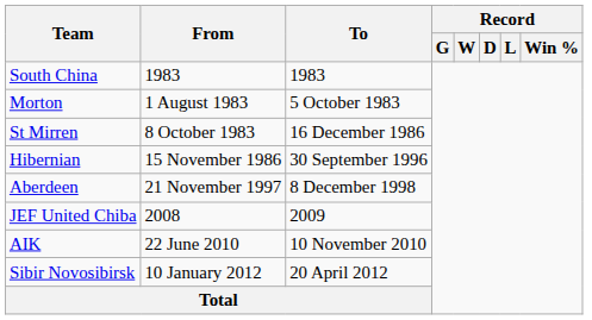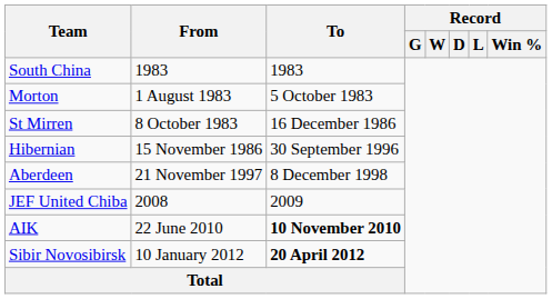 <table class="wikitable" style="text-align: center">
 <tr>
 <th rowspan="2">Team</th>
 <th rowspan="2">From</th>
 <th rowspan="2">To</th>
 <th colspan="5">Record</th>
 </tr>
 <tr>
 <th>G</th>
 <th>W</th>
 <th>D</th>
 <th>L</th>
 <th>Win %</th>
 </tr>
 <tr>
 <td align="left"><a href='#'>South China</a></td>
 <td align="left">1983</td>
 <td align="left">1983<br></td>
 </tr>
 <tr>
 <td align="left"><a href='#'>Morton</a></td>
 <td align="left">1 August 1983</td>
 <td align="left">5 October 1983<br></td>
 </tr>
 <tr>
 <td align="left"><a href='#'>St Mirren</a></td>
 <td align="left">8 October 1983</td>
 <td align="left">16 December 1986<br></td>
 </tr>
 <tr>
 <td align="left"><a href='#'>Hibernian</a></td>
 <td align="left">15 November 1986</td>
 <td align="left">30 September 1996<br></td>
 </tr>
 <tr>
 <td align="left"><a href='#'>Aberdeen</a></td>
 <td align="left">21 November 1997</td>
 <td align="left">8 December 1998<br></td>
 </tr>
 <tr>
 <td align="left"><a href='#'>JEF United Chiba</a></td>
 <td align="left">2008</td>
 <td align="left">2009<br></td>
 </tr>
 <tr>
 <td align="left"><a href='#'>AIK</a></td>
 <td align="left">22 June 2010</td>
-<td align="left">10 November 2010<br></td>
+<td align="left"><strong>10 November 2010<br></strong></td>
 </tr>
 <tr>
 <td align="left"><a href='#'>Sibir Novosibirsk</a></td>
 <td align="left">10 January 2012</td>
-<td align="left">20 April 2012<br></td>
+<td align="left"><strong>20 April 2012<br></strong></td>
 </tr>
 <tr>
 <th colspan="3">Total<br></th>
 </tr>
 </table>
